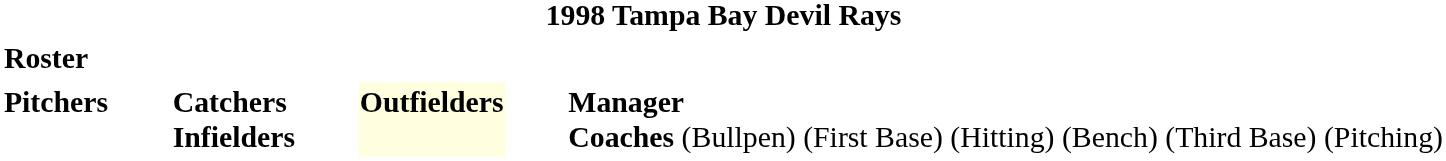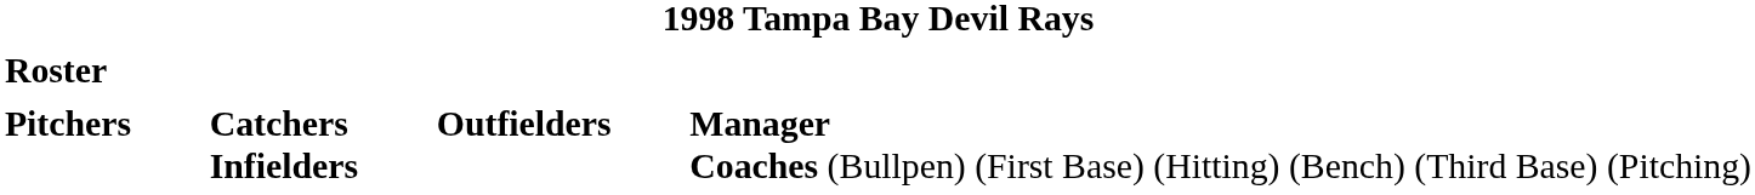 <table class="toccolours" style="font-size: 95%;">
 <tr>
 <th colspan="10">1998 Tampa Bay Devil Rays</th>
 </tr>
 <tr>
 <td colspan="10"><strong>Roster</strong></td>
 </tr>
 <tr>
 <td valign="top"><strong>Pitchers</strong><br>                     </td>
 <td style="width:25px;"></td>
 <td valign="top"><strong>Catchers</strong><br>   <strong>Infielders</strong>        </td>
 <td style="width:25px;"></td>
-<td valign="top" style="background: lightyellow;"><strong>Outfielders</strong><br>        </td>
+<td valign="top"><strong>Outfielders</strong><br>        </td>
 <td style="width:25px;"></td>
 <td valign="top"><strong>Manager</strong><br> <strong>Coaches</strong>  (Bullpen)  (First Base)  (Hitting)  (Bench)  (Third Base)  (Pitching)</td>
 </tr>
 </table>
